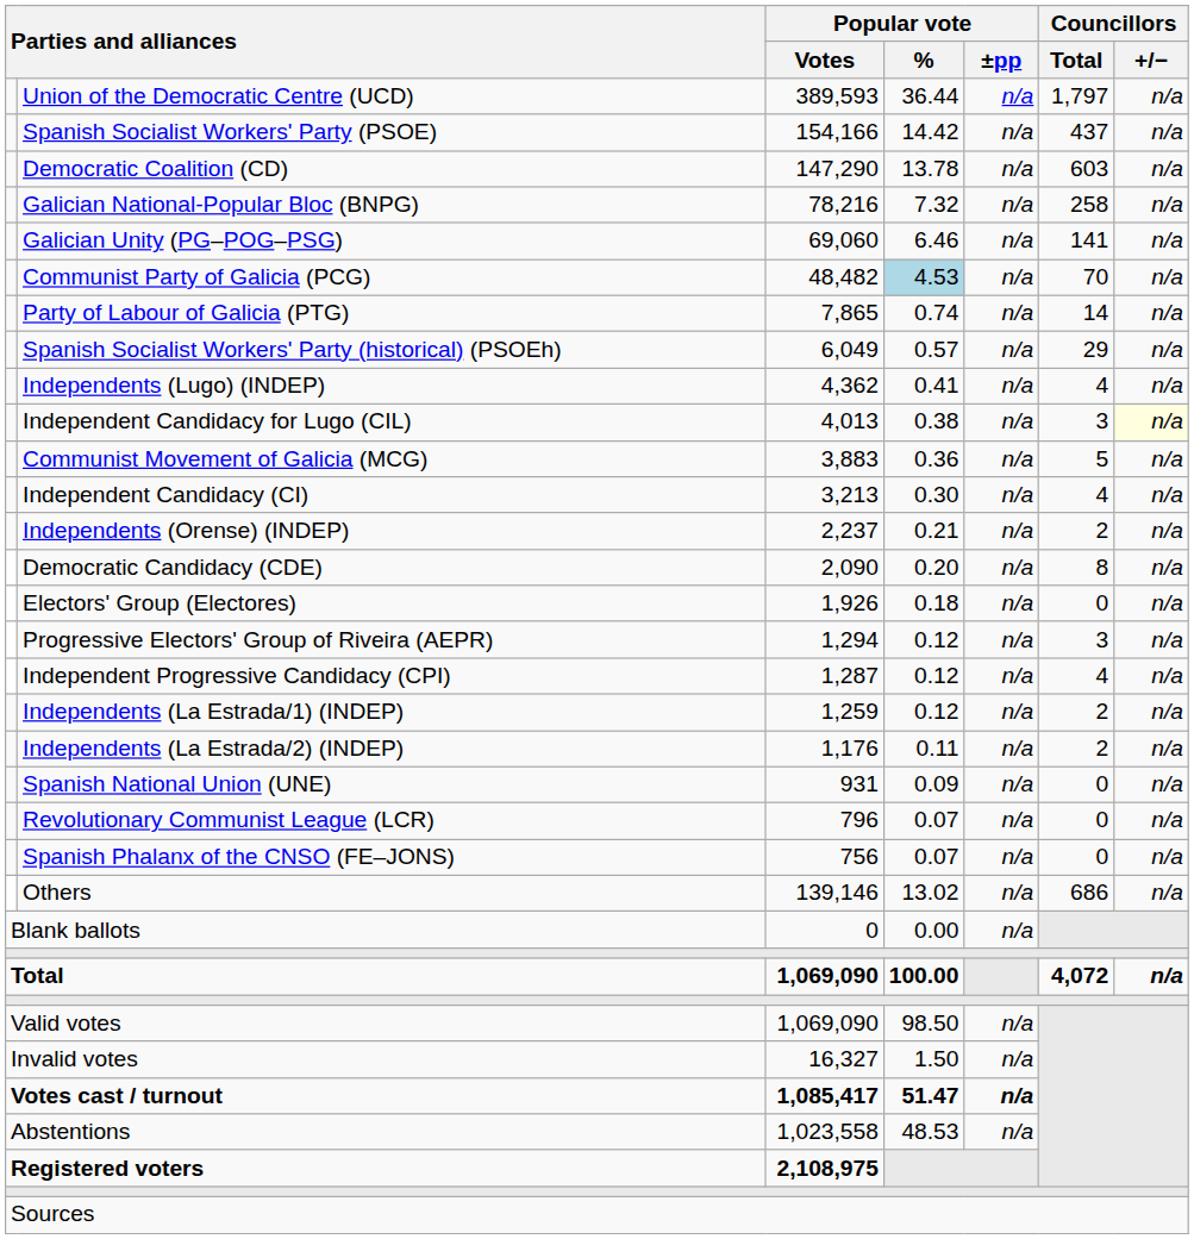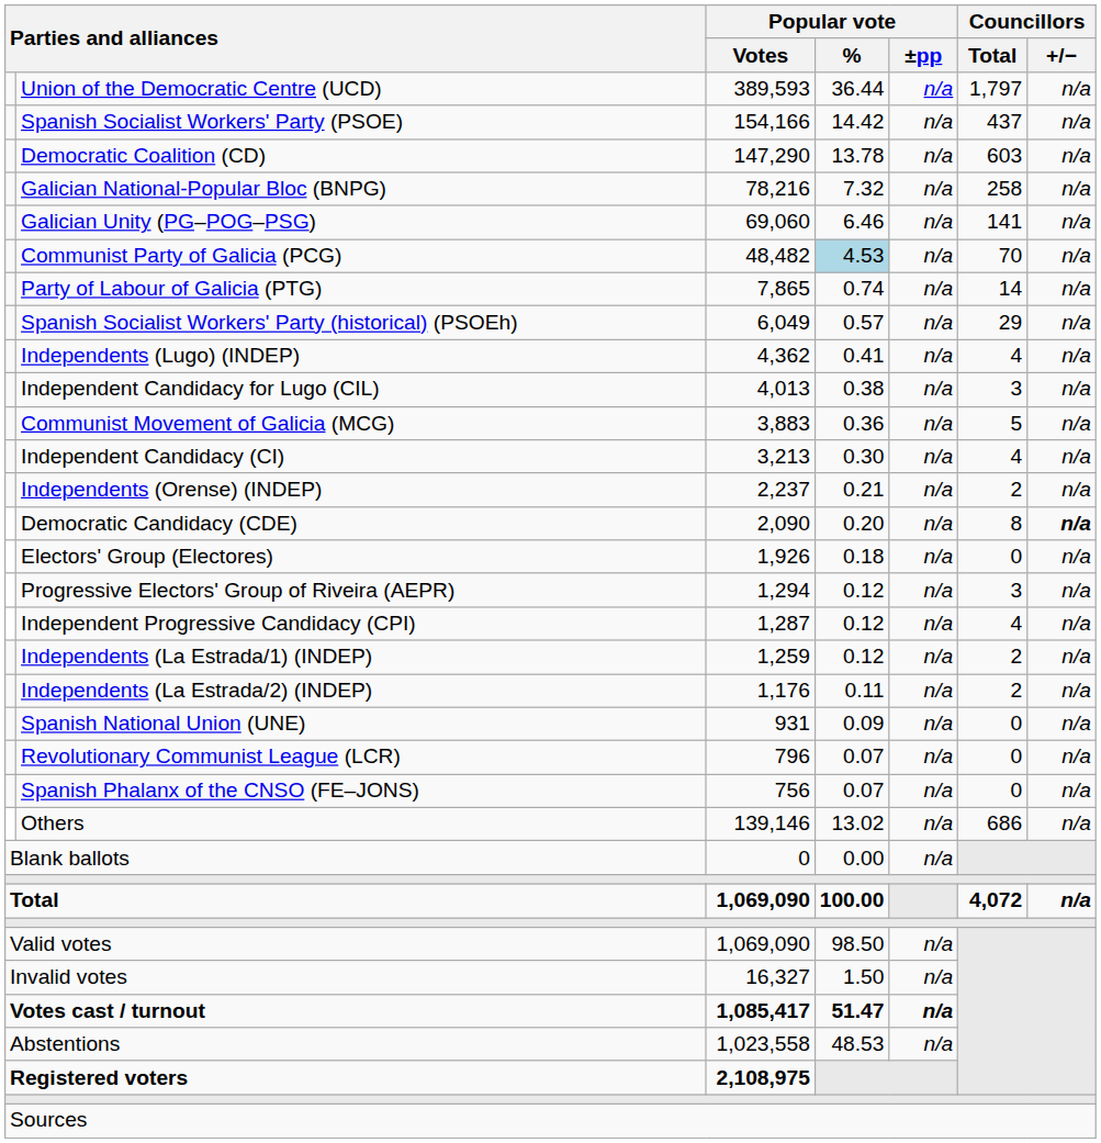 <table class="wikitable" style="text-align:right;">
 <tr>
 <th style="text-align:left;" rowspan="2" colspan="2" width="525">Parties and alliances</th>
 <th colspan="3">Popular vote</th>
 <th colspan="2">Councillors</th>
 </tr>
 <tr>
 <th width="75">Votes</th>
 <th width="45">%</th>
 <th width="45">±<a href='#'>pp</a></th>
 <th width="45">Total</th>
 <th width="45">+/−</th>
 </tr>
 <tr>
 <td width="1" style="color:inherit;background:"></td>
 <td align="left"><a href='#'>Union of the Democratic Centre</a> (UCD)</td>
 <td>389,593</td>
 <td>36.44</td>
 <td><em><a href='#'>n/a</a></em></td>
 <td>1,797</td>
 <td><em>n/a</em></td>
 </tr>
 <tr>
 <td style="color:inherit;background:"></td>
 <td align="left"><a href='#'>Spanish Socialist Workers' Party</a> (PSOE)</td>
 <td>154,166</td>
 <td>14.42</td>
 <td><em>n/a</em></td>
 <td>437</td>
 <td><em>n/a</em></td>
 </tr>
 <tr>
 <td style="color:inherit;background:"></td>
 <td align="left"><a href='#'>Democratic Coalition</a> (CD)</td>
 <td>147,290</td>
 <td>13.78</td>
 <td><em>n/a</em></td>
 <td>603</td>
 <td><em>n/a</em></td>
 </tr>
 <tr>
 <td style="color:inherit;background:"></td>
 <td align="left"><a href='#'>Galician National-Popular Bloc</a> (BNPG)</td>
 <td>78,216</td>
 <td>7.32</td>
 <td><em>n/a</em></td>
 <td>258</td>
 <td><em>n/a</em></td>
 </tr>
 <tr>
 <td style="color:inherit;background:"></td>
 <td align="left"><a href='#'>Galician Unity</a> (<a href='#'>PG</a>–<a href='#'>POG</a>–<a href='#'>PSG</a>)</td>
 <td>69,060</td>
 <td>6.46</td>
 <td><em>n/a</em></td>
 <td>141</td>
 <td><em>n/a</em></td>
 </tr>
 <tr>
 <td style="color:inherit;background:"></td>
 <td align="left"><a href='#'>Communist Party of Galicia</a> (PCG)</td>
 <td>48,482</td>
 <td style="background: lightblue;">4.53</td>
 <td><em>n/a</em></td>
 <td>70</td>
 <td><em>n/a</em></td>
 </tr>
 <tr>
 <td style="color:inherit;background:"></td>
 <td align="left"><a href='#'>Party of Labour of Galicia</a> (PTG)</td>
 <td>7,865</td>
 <td>0.74</td>
 <td><em>n/a</em></td>
 <td>14</td>
 <td><em>n/a</em></td>
 </tr>
 <tr>
 <td style="color:inherit;background:"></td>
 <td align="left"><a href='#'>Spanish Socialist Workers' Party (historical)</a> (PSOEh)</td>
 <td>6,049</td>
 <td>0.57</td>
 <td><em>n/a</em></td>
 <td>29</td>
 <td><em>n/a</em></td>
 </tr>
 <tr>
 <td style="color:inherit;background:"></td>
 <td align="left"><a href='#'>Independents</a> (Lugo) (INDEP)</td>
 <td>4,362</td>
 <td>0.41</td>
 <td><em>n/a</em></td>
 <td>4</td>
 <td><em>n/a</em></td>
 </tr>
 <tr>
 <td style="color:inherit;background:"></td>
 <td align="left">Independent Candidacy for Lugo (CIL)</td>
 <td>4,013</td>
 <td>0.38</td>
 <td><em>n/a</em></td>
 <td>3</td>
-<td style="background: lightyellow;"><em>n/a</em></td>
+<td><em>n/a</em></td>
 </tr>
 <tr>
 <td style="color:inherit;background:"></td>
 <td align="left"><a href='#'>Communist Movement of Galicia</a> (MCG)</td>
 <td>3,883</td>
 <td>0.36</td>
 <td><em>n/a</em></td>
 <td>5</td>
 <td><em>n/a</em></td>
 </tr>
 <tr>
 <td style="color:inherit;background:"></td>
 <td align="left">Independent Candidacy (CI)</td>
 <td>3,213</td>
 <td>0.30</td>
 <td><em>n/a</em></td>
 <td>4</td>
 <td><em>n/a</em></td>
 </tr>
 <tr>
 <td style="color:inherit;background:"></td>
 <td align="left"><a href='#'>Independents</a> (Orense) (INDEP)</td>
 <td>2,237</td>
 <td>0.21</td>
 <td><em>n/a</em></td>
 <td>2</td>
 <td><em>n/a</em></td>
 </tr>
 <tr>
 <td bgcolor="white"></td>
 <td align="left">Democratic Candidacy (CDE)</td>
 <td>2,090</td>
 <td>0.20</td>
 <td><em>n/a</em></td>
 <td>8</td>
-<td><em>n/a</em></td>
+<td><strong><em>n/a</em></strong></td>
 </tr>
 <tr>
 <td bgcolor="white"></td>
 <td align="left">Electors' Group (Electores)</td>
 <td>1,926</td>
 <td>0.18</td>
 <td><em>n/a</em></td>
 <td>0</td>
 <td><em>n/a</em></td>
 </tr>
 <tr>
 <td bgcolor="white"></td>
 <td align="left">Progressive Electors' Group of Riveira (AEPR)</td>
 <td>1,294</td>
 <td>0.12</td>
 <td><em>n/a</em></td>
 <td>3</td>
 <td><em>n/a</em></td>
 </tr>
 <tr>
 <td bgcolor="white"></td>
 <td align="left">Independent Progressive Candidacy (CPI)</td>
 <td>1,287</td>
 <td>0.12</td>
 <td><em>n/a</em></td>
 <td>4</td>
 <td><em>n/a</em></td>
 </tr>
 <tr>
 <td style="color:inherit;background:"></td>
 <td align="left"><a href='#'>Independents</a> (La Estrada/1) (INDEP)</td>
 <td>1,259</td>
 <td>0.12</td>
 <td><em>n/a</em></td>
 <td>2</td>
 <td><em>n/a</em></td>
 </tr>
 <tr>
 <td style="color:inherit;background:"></td>
 <td align="left"><a href='#'>Independents</a> (La Estrada/2) (INDEP)</td>
 <td>1,176</td>
 <td>0.11</td>
 <td><em>n/a</em></td>
 <td>2</td>
 <td><em>n/a</em></td>
 </tr>
 <tr>
 <td style="color:inherit;background:"></td>
 <td align="left"><a href='#'>Spanish National Union</a> (UNE)</td>
 <td>931</td>
 <td>0.09</td>
 <td><em>n/a</em></td>
 <td>0</td>
 <td><em>n/a</em></td>
 </tr>
 <tr>
 <td style="color:inherit;background:"></td>
 <td align="left"><a href='#'>Revolutionary Communist League</a> (LCR)</td>
 <td>796</td>
 <td>0.07</td>
 <td><em>n/a</em></td>
 <td>0</td>
 <td><em>n/a</em></td>
 </tr>
 <tr>
 <td style="color:inherit;background:"></td>
 <td align="left"><a href='#'>Spanish Phalanx of the CNSO</a> (FE–JONS)</td>
 <td>756</td>
 <td>0.07</td>
 <td><em>n/a</em></td>
 <td>0</td>
 <td><em>n/a</em></td>
 </tr>
 <tr>
 <td bgcolor="white"></td>
 <td align="left">Others</td>
 <td>139,146</td>
 <td>13.02</td>
 <td><em>n/a</em></td>
 <td>686</td>
 <td><em>n/a</em></td>
 </tr>
 <tr>
 <td align="left" colspan="2">Blank ballots</td>
 <td>0</td>
 <td>0.00</td>
 <td><em>n/a</em></td>
 <td bgcolor="#E9E9E9" colspan="2"></td>
 </tr>
 <tr>
 <td colspan="7" bgcolor="#E9E9E9"></td>
 </tr>
 <tr style="font-weight:bold;">
 <td align="left" colspan="2">Total</td>
 <td>1,069,090</td>
 <td>100.00</td>
 <td bgcolor="#E9E9E9"></td>
 <td>4,072</td>
 <td><em>n/a</em></td>
 </tr>
 <tr>
 <td colspan="7" bgcolor="#E9E9E9"></td>
 </tr>
 <tr>
 <td align="left" colspan="2">Valid votes</td>
 <td>1,069,090</td>
 <td>98.50</td>
 <td><em>n/a</em></td>
 <td bgcolor="#E9E9E9" colspan="2" rowspan="5"></td>
 </tr>
 <tr>
 <td align="left" colspan="2">Invalid votes</td>
 <td>16,327</td>
 <td>1.50</td>
 <td><em>n/a</em></td>
 </tr>
 <tr style="font-weight:bold;">
 <td align="left" colspan="2">Votes cast / turnout</td>
 <td>1,085,417</td>
 <td>51.47</td>
 <td><em>n/a</em></td>
 </tr>
 <tr>
 <td align="left" colspan="2">Abstentions</td>
 <td>1,023,558</td>
 <td>48.53</td>
 <td><em>n/a</em></td>
 </tr>
 <tr style="font-weight:bold;">
 <td align="left" colspan="2">Registered voters</td>
 <td>2,108,975</td>
 <td bgcolor="#E9E9E9" colspan="2"></td>
 </tr>
 <tr>
 <td colspan="7" bgcolor="#E9E9E9"></td>
 </tr>
 <tr>
 <td align="left" colspan="7">Sources</td>
 </tr>
 </table>
